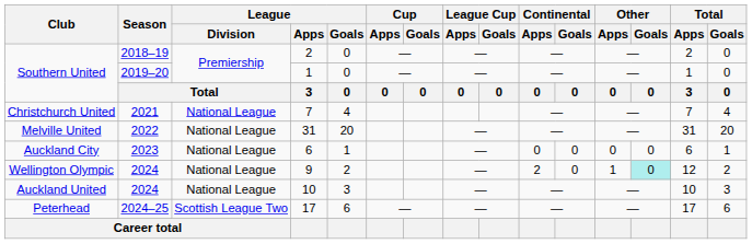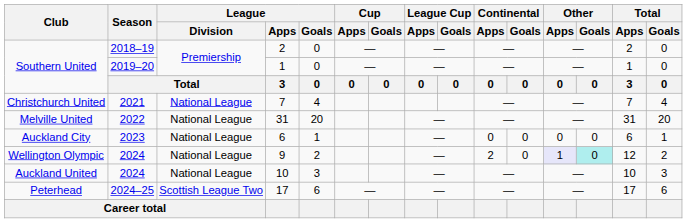 <table class="wikitable" style="text-align:center;">
 <tr>
 <th rowspan="2">Club</th>
 <th rowspan="2">Season</th>
 <th colspan="3">League</th>
 <th colspan="2">Cup</th>
 <th colspan="2">League Cup</th>
 <th colspan="2">Continental</th>
 <th colspan="2">Other</th>
 <th colspan="2">Total</th>
 </tr>
 <tr>
 <th>Division</th>
 <th>Apps</th>
 <th>Goals</th>
 <th>Apps</th>
 <th>Goals</th>
 <th>Apps</th>
 <th>Goals</th>
 <th>Apps</th>
 <th>Goals</th>
 <th>Apps</th>
 <th>Goals</th>
 <th>Apps</th>
 <th>Goals</th>
 </tr>
 <tr>
 <td rowspan=3><a href='#'>Southern United</a></td>
 <td><a href='#'>2018–19</a></td>
 <td rowspan=2><a href='#'>Premiership</a></td>
 <td>2</td>
 <td>0</td>
 <td colspan=2>—</td>
 <td colspan=2>—</td>
 <td colspan=2>—</td>
 <td colspan=2>—</td>
 <td>2</td>
 <td>0</td>
 </tr>
 <tr>
 <td><a href='#'>2019–20</a></td>
 <td>1</td>
 <td>0</td>
 <td colspan=2>—</td>
 <td colspan=2>—</td>
 <td colspan=2>—</td>
 <td colspan=2>—</td>
 <td>1</td>
 <td>0</td>
 </tr>
 <tr>
 <th colspan=2>Total</th>
 <th>3</th>
 <th>0</th>
 <th>0</th>
 <th>0</th>
 <th>0</th>
 <th>0</th>
 <th>0</th>
 <th>0</th>
 <th>0</th>
 <th>0</th>
 <th>3</th>
 <th>0</th>
 </tr>
 <tr>
 <td><a href='#'>Christchurch United</a></td>
 <td><a href='#'>2021</a></td>
 <td><a href='#'>National League</a></td>
 <td>7</td>
 <td>4</td>
 <td></td>
 <td></td>
 <td></td>
 <td></td>
 <td colspan=2>—</td>
 <td colspan=2>—</td>
 <td>7</td>
 <td>4</td>
 </tr>
 <tr>
 <td><a href='#'>Melville United</a></td>
 <td><a href='#'>2022</a></td>
 <td>National League</td>
 <td>31</td>
 <td>20</td>
 <td></td>
 <td></td>
 <td colspan=2>—</td>
 <td colspan=2>—</td>
 <td colspan=2>—</td>
 <td>31</td>
 <td>20</td>
 </tr>
 <tr>
 <td><a href='#'>Auckland City</a></td>
 <td><a href='#'>2023</a></td>
 <td>National League</td>
 <td>6</td>
 <td>1</td>
 <td></td>
 <td></td>
 <td colspan=2>—</td>
 <td>0</td>
 <td>0</td>
 <td>0</td>
 <td>0</td>
 <td>6</td>
 <td>1</td>
 </tr>
 <tr>
 <td><a href='#'>Wellington Olympic</a></td>
 <td><a href='#'>2024</a></td>
 <td>National League</td>
 <td>9</td>
 <td>2</td>
 <td></td>
 <td></td>
 <td colspan=2>—</td>
 <td>2</td>
 <td>0</td>
-<td>1</td>
+<td style="background: lavender;">1</td>
 <td style="background: paleturquoise;">0</td>
 <td>12</td>
 <td>2</td>
 </tr>
 <tr>
 <td><a href='#'>Auckland United</a></td>
 <td><a href='#'>2024</a></td>
 <td>National League</td>
 <td>10</td>
 <td>3</td>
 <td></td>
 <td></td>
 <td colspan=2>—</td>
 <td colspan=2>—</td>
 <td colspan=2>—</td>
 <td>10</td>
 <td>3</td>
 </tr>
 <tr>
 <td><a href='#'>Peterhead</a></td>
 <td><a href='#'>2024–25</a></td>
 <td><a href='#'>Scottish League Two</a></td>
 <td>17</td>
 <td>6</td>
 <td colspan=2>—</td>
 <td colspan=2>—</td>
 <td colspan=2>—</td>
 <td colspan=2>—</td>
 <td>17</td>
 <td>6</td>
 </tr>
 <tr>
 <th colspan=3>Career total</th>
 <th></th>
 <th></th>
 <th></th>
 <th></th>
 <th></th>
 <th></th>
 <th></th>
 <th></th>
 <th></th>
 <th></th>
 <th></th>
 <th></th>
 </tr>
 </table>
